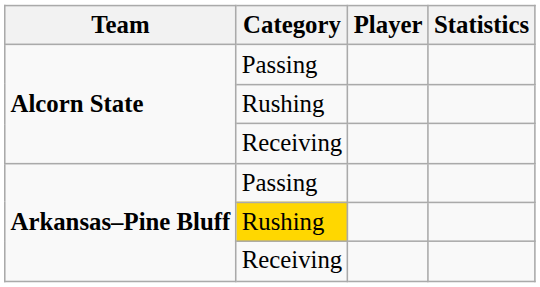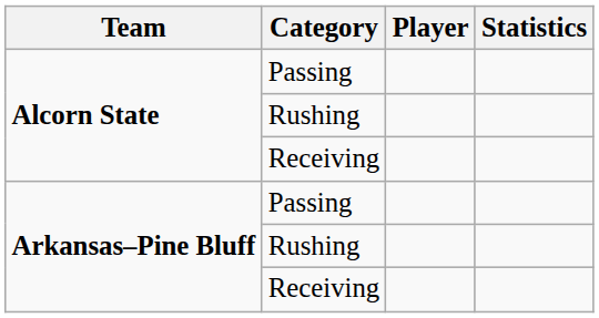 <table class="wikitable" style="float: left;">
 <tr>
 <th>Team</th>
 <th>Category</th>
 <th>Player</th>
 <th>Statistics</th>
 </tr>
 <tr>
 <td rowspan=3><strong>Alcorn State</strong></td>
 <td>Passing</td>
 <td> </td>
 <td> </td>
 </tr>
 <tr>
 <td>Rushing</td>
 <td> </td>
 <td> </td>
 </tr>
 <tr>
 <td>Receiving</td>
 <td> </td>
 <td> </td>
 </tr>
 <tr>
 <td rowspan=3><strong>Arkansas–Pine Bluff</strong></td>
 <td>Passing</td>
 <td> </td>
 <td> </td>
 </tr>
 <tr>
-<td style="background: gold;">Rushing</td>
+<td>Rushing</td>
 <td> </td>
 <td> </td>
 </tr>
 <tr>
 <td>Receiving</td>
 <td> </td>
 <td> </td>
 </tr>
 </table>
